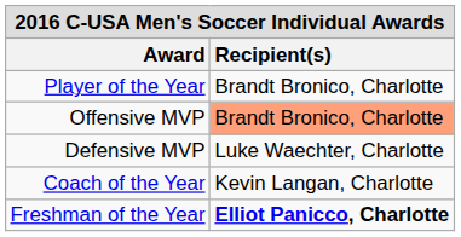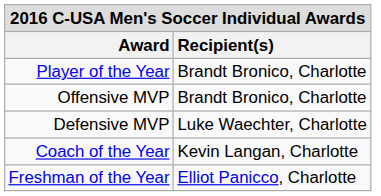 <table class="wikitable" style="white-space:nowrap; font-size:90%;">
 <tr>
 <td colspan="7" style="text-align:center; background:#ddd;"><strong>2016 C-USA Men's Soccer Individual Awards</strong></td>
 </tr>
 <tr>
 <th style="text-align:right;">Award</th>
 <th style="text-align:left;">Recipient(s)</th>
 </tr>
 <tr>
 <td style="text-align:right;"><a href='#'>Player of the Year</a></td>
 <td style="text-align:left;">Brandt Bronico, Charlotte</td>
 </tr>
 <tr>
 <td style="text-align:right;">Offensive MVP</td>
-<td style="background: lightsalmon; text-align:left;">Brandt Bronico, Charlotte</td>
+<td style="text-align:left;">Brandt Bronico, Charlotte</td>
 </tr>
 <tr>
 <td style="text-align:right;">Defensive MVP</td>
 <td style="text-align:left;">Luke Waechter, Charlotte</td>
 </tr>
 <tr>
 <td style="text-align:right;"><a href='#'>Coach of the Year</a></td>
 <td style="text-align:left;">Kevin Langan, Charlotte</td>
 </tr>
 <tr>
 <td style="text-align:right;"><a href='#'>Freshman of the Year</a></td>
-<td style="text-align:left;"><strong><a href='#'>Elliot Panicco</a>, Charlotte</strong></td>
+<td style="text-align:left;"><a href='#'>Elliot Panicco</a>, Charlotte</td>
 </tr>
 </table>
